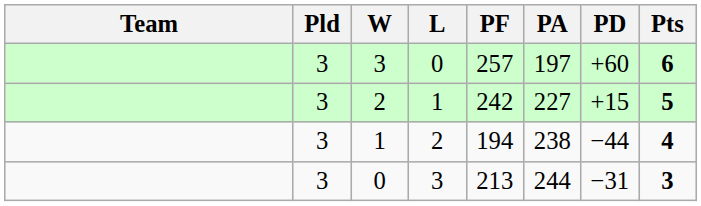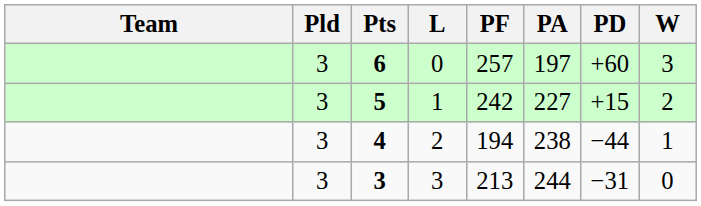 <table class=wikitable style="text-align:center">
 <tr>
 <th width=180>Team</th>
 <th width=30>Pld</th>
-<th width=30>W</th>
+<th width=30>Pts</th>
 <th width=30>L</th>
 <th width=30>PF</th>
 <th width=30>PA</th>
 <th width=30>PD</th>
-<th width=30>Pts</th>
+<th width=30>W</th>
 </tr>
 <tr bgcolor="#ccffcc">
 <td align="left"></td>
 <td>3</td>
-<td>3</td>
+<td><strong>6</strong></td>
 <td>0</td>
 <td>257</td>
 <td>197</td>
 <td>+60</td>
-<td><strong>6</strong></td>
+<td>3</td>
 </tr>
 <tr bgcolor="#ccffcc">
 <td align="left"></td>
 <td>3</td>
-<td>2</td>
+<td><strong>5</strong></td>
 <td>1</td>
 <td>242</td>
 <td>227</td>
 <td>+15</td>
-<td><strong>5</strong></td>
+<td>2</td>
 </tr>
 <tr>
 <td align="left"></td>
 <td>3</td>
-<td>1</td>
+<td><strong>4</strong></td>
 <td>2</td>
 <td>194</td>
 <td>238</td>
 <td>−44</td>
-<td><strong>4</strong></td>
+<td>1</td>
 </tr>
 <tr>
 <td align="left"></td>
 <td>3</td>
-<td>0</td>
+<td><strong>3</strong></td>
 <td>3</td>
 <td>213</td>
 <td>244</td>
 <td>−31</td>
-<td><strong>3</strong></td>
+<td>0</td>
 </tr>
 </table>
